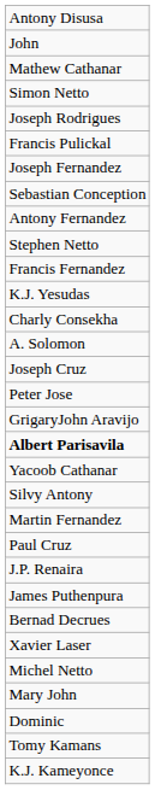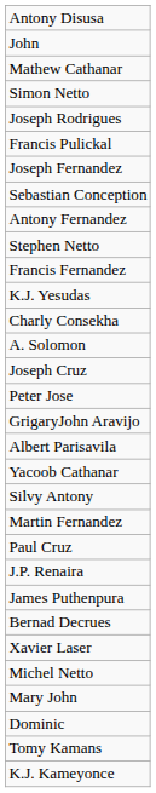 <table class="wikitable">
 <tr>
 <td>Antony Disusa</td>
 </tr>
 <tr>
 <td>John</td>
 </tr>
 <tr>
 <td>Mathew Cathanar</td>
 </tr>
 <tr>
 <td>Simon Netto</td>
 </tr>
 <tr>
 <td>Joseph Rodrigues</td>
 </tr>
 <tr>
 <td>Francis Pulickal</td>
 </tr>
 <tr>
 <td>Joseph Fernandez</td>
 </tr>
 <tr>
 <td>Sebastian Conception</td>
 </tr>
 <tr>
 <td>Antony Fernandez</td>
 </tr>
 <tr>
 <td>Stephen Netto</td>
 </tr>
 <tr>
 <td>Francis Fernandez</td>
 </tr>
 <tr>
 <td>K.J. Yesudas</td>
 </tr>
 <tr>
 <td>Charly Consekha</td>
 </tr>
 <tr>
 <td>A. Solomon</td>
 </tr>
 <tr>
 <td>Joseph Cruz</td>
 </tr>
 <tr>
 <td>Peter Jose</td>
 </tr>
 <tr>
 <td>GrigaryJohn Aravijo</td>
 </tr>
 <tr>
-<td><strong>Albert Parisavila</strong></td>
+<td>Albert Parisavila</td>
 </tr>
 <tr>
 <td>Yacoob Cathanar</td>
 </tr>
 <tr>
 <td>Silvy Antony</td>
 </tr>
 <tr>
 <td>Martin Fernandez</td>
 </tr>
 <tr>
 <td>Paul Cruz</td>
 </tr>
 <tr>
 <td>J.P. Renaira</td>
 </tr>
 <tr>
 <td>James Puthenpura</td>
 </tr>
 <tr>
 <td>Bernad Decrues</td>
 </tr>
 <tr>
 <td>Xavier Laser</td>
 </tr>
 <tr>
 <td>Michel Netto</td>
 </tr>
 <tr>
 <td>Mary John</td>
 </tr>
 <tr>
 <td>Dominic</td>
 </tr>
 <tr>
 <td>Tomy Kamans</td>
 </tr>
 <tr>
 <td>K.J. Kameyonce</td>
 </tr>
 </table>
